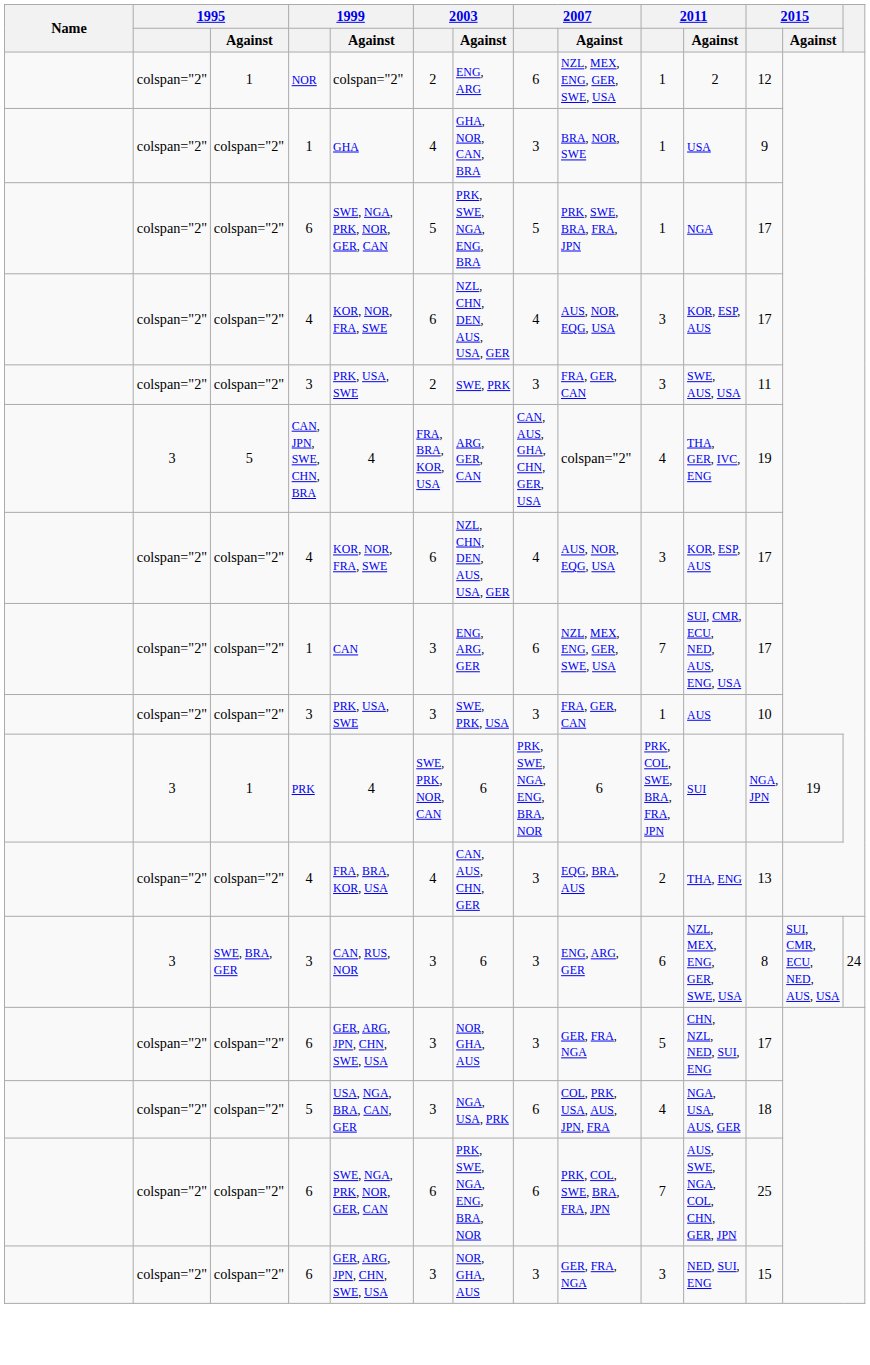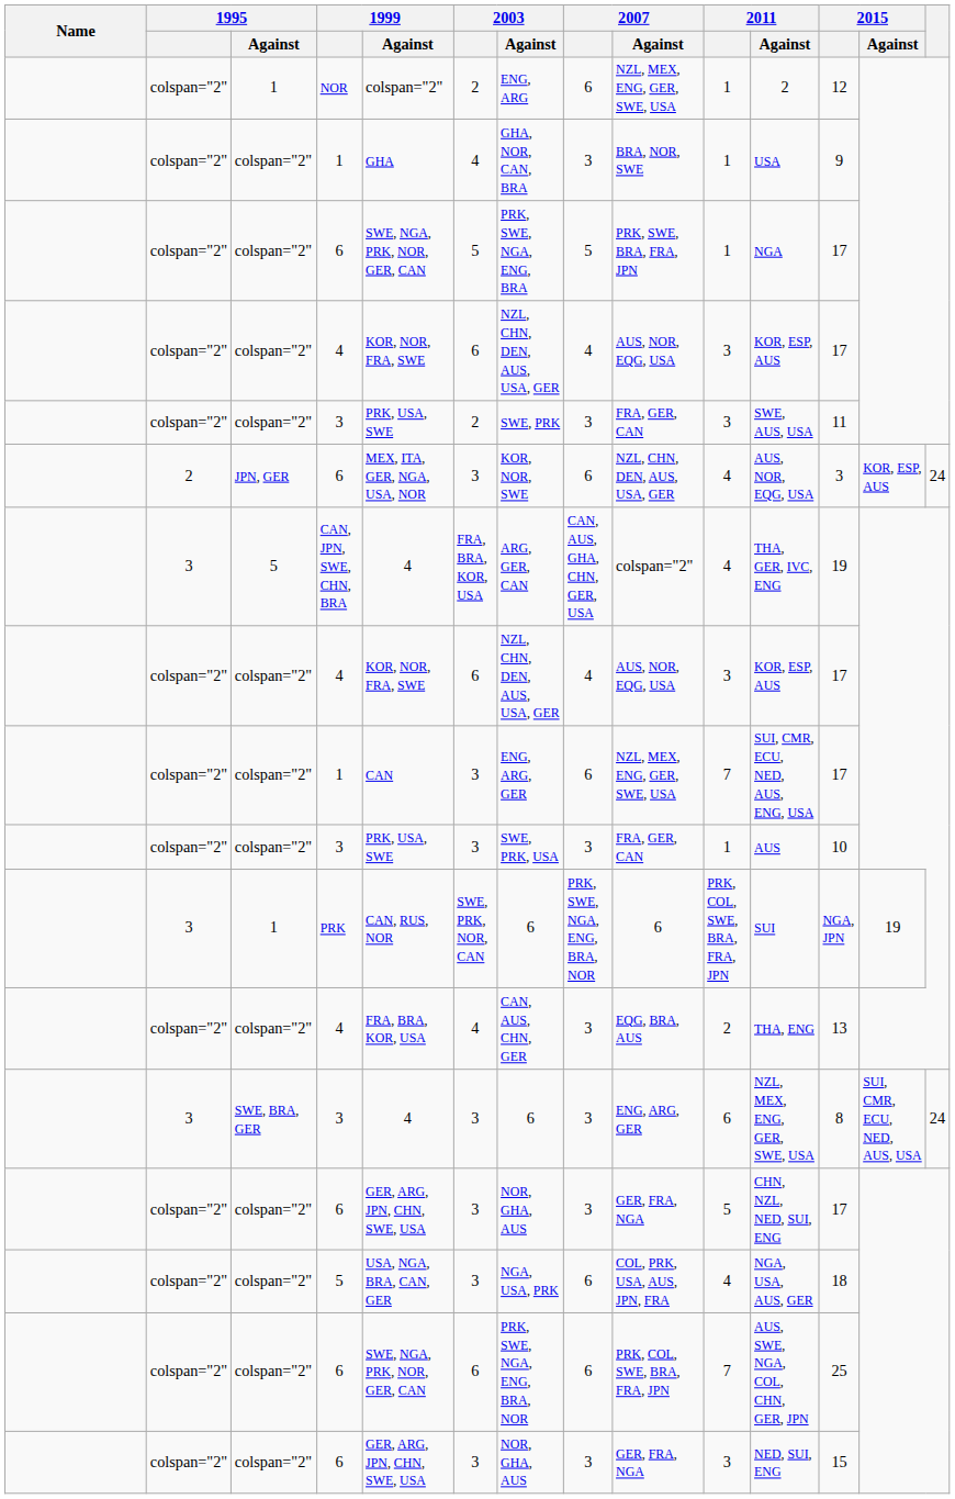 <table class="wikitable sortable" style="font-size: 90%;">
 <tr>
 <th rowspan="2" width="15%">Name<br></th>
 <th colspan="2"> <a href='#'>1995</a></th>
 <th colspan="2"> <a href='#'>1999</a></th>
 <th colspan="2"> <a href='#'>2003</a></th>
 <th colspan="2"> <a href='#'>2007</a></th>
 <th colspan="2"> <a href='#'>2011</a></th>
 <th colspan="2"> <a href='#'>2015</a></th>
 <th rowspan="2"></th>
 </tr>
 <tr>
 <th></th>
 <th class="unsortable">Against</th>
 <th></th>
 <th class="unsortable">Against</th>
 <th></th>
 <th class="unsortable">Against</th>
 <th></th>
 <th class="unsortable">Against</th>
 <th></th>
 <th class="unsortable">Against</th>
 <th></th>
 <th class="unsortable">Against</th>
 </tr>
 <tr>
 <td></td>
 <td>colspan="2" </td>
 <td align="center">1</td>
 <td><small><a href='#'>NOR</a></small></td>
 <td>colspan="2" </td>
 <td align="center">2</td>
 <td><small><a href='#'>ENG</a>, <a href='#'>ARG</a></small></td>
 <td align="center">6</td>
 <td><small><a href='#'>NZL</a>, <a href='#'>MEX</a>, <a href='#'>ENG</a>, <a href='#'>GER</a>, <a href='#'>SWE</a>, <a href='#'>USA</a></small></td>
 <td align="center">1</td>
 <td align="center">2</td>
 <td align="center">12</td>
 </tr>
 <tr>
 <td></td>
 <td>colspan="2" </td>
 <td>colspan="2" </td>
 <td align="center">1</td>
 <td><small><a href='#'>GHA</a></small></td>
 <td align="center">4</td>
 <td><small><a href='#'>GHA</a>, <a href='#'>NOR</a>, <a href='#'>CAN</a>, <a href='#'>BRA</a></small></td>
 <td align="center">3</td>
 <td><small><a href='#'>BRA</a>, <a href='#'>NOR</a>, <a href='#'>SWE</a></small></td>
 <td align="center">1</td>
 <td><small><a href='#'>USA</a></small></td>
 <td align="center">9</td>
 </tr>
 <tr>
 <td></td>
 <td>colspan="2" </td>
 <td>colspan="2" </td>
 <td align="center">6</td>
 <td><small><a href='#'>SWE</a>, <a href='#'>NGA</a>, <a href='#'>PRK</a>, <a href='#'>NOR</a>, <a href='#'>GER</a>, <a href='#'>CAN</a></small></td>
 <td align="center">5</td>
 <td><small><a href='#'>PRK</a>, <a href='#'>SWE</a>, <a href='#'>NGA</a>, <a href='#'>ENG</a>, <a href='#'>BRA</a></small></td>
 <td align="center">5</td>
 <td><small><a href='#'>PRK</a>, <a href='#'>SWE</a>, <a href='#'>BRA</a>, <a href='#'>FRA</a>, <a href='#'>JPN</a></small></td>
 <td align="center">1</td>
 <td><small><a href='#'>NGA</a></small></td>
 <td align="center">17</td>
 </tr>
 <tr>
 <td></td>
 <td>colspan="2" </td>
 <td>colspan="2" </td>
 <td align="center">4</td>
 <td><small><a href='#'>KOR</a>, <a href='#'>NOR</a>, <a href='#'>FRA</a>, <a href='#'>SWE</a></small></td>
 <td align="center">6</td>
 <td><small><a href='#'>NZL</a>, <a href='#'>CHN</a>, <a href='#'>DEN</a>, <a href='#'>AUS</a>, <a href='#'>USA</a>, <a href='#'>GER</a></small></td>
 <td align="center">4</td>
 <td><small><a href='#'>AUS</a>, <a href='#'>NOR</a>, <a href='#'>EQG</a>, <a href='#'>USA</a></small></td>
 <td align="center">3</td>
 <td><small><a href='#'>KOR</a>, <a href='#'>ESP</a>, <a href='#'>AUS</a></small></td>
 <td align="center">17</td>
 </tr>
 <tr>
 <td></td>
 <td>colspan="2" </td>
 <td>colspan="2" </td>
 <td align="center">3</td>
 <td><small><a href='#'>PRK</a>, <a href='#'>USA</a>, <a href='#'>SWE</a></small></td>
 <td align="center">2</td>
 <td><small><a href='#'>SWE</a>, <a href='#'>PRK</a></small></td>
 <td align="center">3</td>
 <td><small><a href='#'>FRA</a>, <a href='#'>GER</a>, <a href='#'>CAN</a></small></td>
 <td align="center">3</td>
 <td><small><a href='#'>SWE</a>, <a href='#'>AUS</a>, <a href='#'>USA</a></small></td>
 <td align="center">11</td>
 </tr>
 <tr>
 <td></td>
+<td align="center">2</td>
+<td><small><a href='#'>JPN</a>, <a href='#'>GER</a></small></td>
+<td align="center">6</td>
+<td><small><a href='#'>MEX</a>, <a href='#'>ITA</a>, <a href='#'>GER</a>, <a href='#'>NGA</a>, <a href='#'>USA</a>, <a href='#'>NOR</a></small></td>
+<td align="center">3</td>
+<td><small><a href='#'>KOR</a>, <a href='#'>NOR</a>, <a href='#'>SWE</a></small></td>
+<td align="center">6</td>
+<td><small><a href='#'>NZL</a>, <a href='#'>CHN</a>, <a href='#'>DEN</a>, <a href='#'>AUS</a>, <a href='#'>USA</a>, <a href='#'>GER</a></small></td>
+<td align="center">4</td>
+<td><small><a href='#'>AUS</a>, <a href='#'>NOR</a>, <a href='#'>EQG</a>, <a href='#'>USA</a></small></td>
+<td align="center">3</td>
+<td><small><a href='#'>KOR</a>, <a href='#'>ESP</a>, <a href='#'>AUS</a></small></td>
+<td align="center">24</td>
+</tr>
+<tr>
+<td></td>
 <td align="center">3</td>
 <td align="center">5</td>
 <td><small><a href='#'>CAN</a>, <a href='#'>JPN</a>, <a href='#'>SWE</a>, <a href='#'>CHN</a>, <a href='#'>BRA</a></small></td>
 <td align="center">4</td>
 <td><small><a href='#'>FRA</a>, <a href='#'>BRA</a>, <a href='#'>KOR</a>, <a href='#'>USA</a></small></td>
 <td><small><a href='#'>ARG</a>, <a href='#'>GER</a>, <a href='#'>CAN</a></small></td>
 <td><small><a href='#'>CAN</a>, <a href='#'>AUS</a>, <a href='#'>GHA</a>, <a href='#'>CHN</a>, <a href='#'>GER</a>, <a href='#'>USA</a></small></td>
 <td>colspan="2" </td>
 <td align="center">4</td>
 <td><small><a href='#'>THA</a>, <a href='#'>GER</a>, <a href='#'>IVC</a>, <a href='#'>ENG</a></small></td>
 <td align="center">19</td>
 </tr>
 <tr>
 <td></td>
 <td>colspan="2" </td>
 <td>colspan="2" </td>
 <td align="center">4</td>
 <td><small><a href='#'>KOR</a>, <a href='#'>NOR</a>, <a href='#'>FRA</a>, <a href='#'>SWE</a></small></td>
 <td align="center">6</td>
 <td><small><a href='#'>NZL</a>, <a href='#'>CHN</a>, <a href='#'>DEN</a>, <a href='#'>AUS</a>, <a href='#'>USA</a>, <a href='#'>GER</a></small></td>
 <td align="center">4</td>
 <td><small><a href='#'>AUS</a>, <a href='#'>NOR</a>, <a href='#'>EQG</a>, <a href='#'>USA</a></small></td>
 <td align="center">3</td>
 <td><small><a href='#'>KOR</a>, <a href='#'>ESP</a>, <a href='#'>AUS</a></small></td>
 <td align="center">17</td>
 </tr>
 <tr>
 <td></td>
 <td>colspan="2" </td>
 <td>colspan="2" </td>
 <td align="center">1</td>
 <td><small><a href='#'>CAN</a></small></td>
 <td align="center">3</td>
 <td><small><a href='#'>ENG</a>, <a href='#'>ARG</a>, <a href='#'>GER</a></small></td>
 <td align="center">6</td>
 <td><small><a href='#'>NZL</a>, <a href='#'>MEX</a>, <a href='#'>ENG</a>, <a href='#'>GER</a>, <a href='#'>SWE</a>, <a href='#'>USA</a></small></td>
 <td align="center">7</td>
 <td><small><a href='#'>SUI</a>, <a href='#'>CMR</a>, <a href='#'>ECU</a>, <a href='#'>NED</a>, <a href='#'>AUS</a>, <a href='#'>ENG</a>, <a href='#'>USA</a></small></td>
 <td align="center">17</td>
 </tr>
 <tr>
 <td></td>
 <td>colspan="2" </td>
 <td>colspan="2" </td>
 <td align="center">3</td>
 <td><small><a href='#'>PRK</a>, <a href='#'>USA</a>, <a href='#'>SWE</a></small></td>
 <td align="center">3</td>
 <td><small><a href='#'>SWE</a>, <a href='#'>PRK</a>, <a href='#'>USA</a></small></td>
 <td align="center">3</td>
 <td><small><a href='#'>FRA</a>, <a href='#'>GER</a>, <a href='#'>CAN</a></small></td>
 <td align="center">1</td>
 <td><small><a href='#'>AUS</a></small></td>
 <td align="center">10</td>
 </tr>
 <tr>
 <td></td>
 <td align="center">3</td>
 <td align="center">1</td>
 <td><small><a href='#'>PRK</a></small></td>
-<td align="center">4</td>
+<td><small><a href='#'>CAN</a>, <a href='#'>RUS</a>, <a href='#'>NOR</a></small></td>
 <td><small><a href='#'>SWE</a>, <a href='#'>PRK</a>, <a href='#'>NOR</a>, <a href='#'>CAN</a></small></td>
 <td align="center">6</td>
 <td><small><a href='#'>PRK</a>, <a href='#'>SWE</a>, <a href='#'>NGA</a>, <a href='#'>ENG</a>, <a href='#'>BRA</a>, <a href='#'>NOR</a></small></td>
 <td align="center">6</td>
 <td><small><a href='#'>PRK</a>, <a href='#'>COL</a>, <a href='#'>SWE</a>, <a href='#'>BRA</a>, <a href='#'>FRA</a>, <a href='#'>JPN</a></small></td>
 <td><small><a href='#'>SUI</a></small></td>
 <td><small><a href='#'>NGA</a>, <a href='#'>JPN</a></small></td>
 <td align="center">19</td>
 </tr>
 <tr>
 <td></td>
 <td>colspan="2" </td>
 <td>colspan="2" </td>
 <td align="center">4</td>
 <td><small><a href='#'>FRA</a>, <a href='#'>BRA</a>, <a href='#'>KOR</a>, <a href='#'>USA</a></small></td>
 <td align="center">4</td>
 <td><small><a href='#'>CAN</a>, <a href='#'>AUS</a>, <a href='#'>CHN</a>, <a href='#'>GER</a></small></td>
 <td align="center">3</td>
 <td><small><a href='#'>EQG</a>, <a href='#'>BRA</a>, <a href='#'>AUS</a></small></td>
 <td align="center">2</td>
 <td><small><a href='#'>THA</a>, <a href='#'>ENG</a></small></td>
 <td align="center">13</td>
 </tr>
 <tr>
 <td></td>
 <td align="center">3</td>
 <td><small><a href='#'>SWE</a>, <a href='#'>BRA</a>, <a href='#'>GER</a></small></td>
 <td align="center">3</td>
-<td><small><a href='#'>CAN</a>, <a href='#'>RUS</a>, <a href='#'>NOR</a></small></td>
+<td align="center">4</td>
 <td align="center">3</td>
 <td align="center">6</td>
 <td align="center">3</td>
 <td><small><a href='#'>ENG</a>, <a href='#'>ARG</a>, <a href='#'>GER</a></small></td>
 <td align="center">6</td>
 <td><small><a href='#'>NZL</a>, <a href='#'>MEX</a>, <a href='#'>ENG</a>, <a href='#'>GER</a>, <a href='#'>SWE</a>, <a href='#'>USA</a></small></td>
 <td align="center">8</td>
 <td><small><a href='#'>SUI</a>, <a href='#'>CMR</a>, <a href='#'>ECU</a>, <a href='#'>NED</a>, <a href='#'>AUS</a>, <a href='#'>USA</a></small></td>
 <td align="center">24</td>
 </tr>
 <tr>
 <td></td>
 <td>colspan="2" </td>
 <td>colspan="2" </td>
 <td align="center">6</td>
 <td><small><a href='#'>GER</a>, <a href='#'>ARG</a>, <a href='#'>JPN</a>, <a href='#'>CHN</a>, <a href='#'>SWE</a>, <a href='#'>USA</a></small></td>
 <td align="center">3</td>
 <td><small><a href='#'>NOR</a>, <a href='#'>GHA</a>, <a href='#'>AUS</a></small></td>
 <td align="center">3</td>
 <td><small><a href='#'>GER</a>, <a href='#'>FRA</a>, <a href='#'>NGA</a></small></td>
 <td align="center">5</td>
 <td><small><a href='#'>CHN</a>, <a href='#'>NZL</a>, <a href='#'>NED</a>, <a href='#'>SUI</a>, <a href='#'>ENG</a></small></td>
 <td align="center">17</td>
 </tr>
 <tr>
 <td></td>
 <td>colspan="2" </td>
 <td>colspan="2" </td>
 <td align="center">5</td>
 <td><small><a href='#'>USA</a>, <a href='#'>NGA</a>, <a href='#'>BRA</a>, <a href='#'>CAN</a>, <a href='#'>GER</a></small></td>
 <td align="center">3</td>
 <td><small><a href='#'>NGA</a>, <a href='#'>USA</a>, <a href='#'>PRK</a></small></td>
 <td align="center">6</td>
 <td><small><a href='#'>COL</a>, <a href='#'>PRK</a>, <a href='#'>USA</a>, <a href='#'>AUS</a>, <a href='#'>JPN</a>, <a href='#'>FRA</a></small></td>
 <td align="center">4</td>
 <td><small><a href='#'>NGA</a>, <a href='#'>USA</a>, <a href='#'>AUS</a>, <a href='#'>GER</a></small></td>
 <td align="center">18</td>
 </tr>
 <tr>
 <td></td>
 <td>colspan="2" </td>
 <td>colspan="2" </td>
 <td align="center">6</td>
 <td><small><a href='#'>SWE</a>, <a href='#'>NGA</a>, <a href='#'>PRK</a>, <a href='#'>NOR</a>, <a href='#'>GER</a>, <a href='#'>CAN</a></small></td>
 <td align="center">6</td>
 <td><small><a href='#'>PRK</a>, <a href='#'>SWE</a>, <a href='#'>NGA</a>, <a href='#'>ENG</a>, <a href='#'>BRA</a>, <a href='#'>NOR</a></small></td>
 <td align="center">6</td>
 <td><small><a href='#'>PRK</a>, <a href='#'>COL</a>, <a href='#'>SWE</a>, <a href='#'>BRA</a>, <a href='#'>FRA</a>, <a href='#'>JPN</a></small></td>
 <td align="center">7</td>
 <td><small><a href='#'>AUS</a>, <a href='#'>SWE</a>, <a href='#'>NGA</a>, <a href='#'>COL</a>, <a href='#'>CHN</a>, <a href='#'>GER</a>, <a href='#'>JPN</a></small></td>
 <td align="center">25</td>
 </tr>
 <tr>
 <td></td>
 <td>colspan="2" </td>
 <td>colspan="2" </td>
 <td align="center">6</td>
 <td><small><a href='#'>GER</a>, <a href='#'>ARG</a>, <a href='#'>JPN</a>, <a href='#'>CHN</a>, <a href='#'>SWE</a>, <a href='#'>USA</a></small></td>
 <td align="center">3</td>
 <td><small><a href='#'>NOR</a>, <a href='#'>GHA</a>, <a href='#'>AUS</a></small></td>
 <td align="center">3</td>
 <td><small><a href='#'>GER</a>, <a href='#'>FRA</a>, <a href='#'>NGA</a></small></td>
 <td align="center">3</td>
 <td><small><a href='#'>NED</a>, <a href='#'>SUI</a>, <a href='#'>ENG</a></small></td>
 <td align="center">15</td>
 </tr>
 </table>
